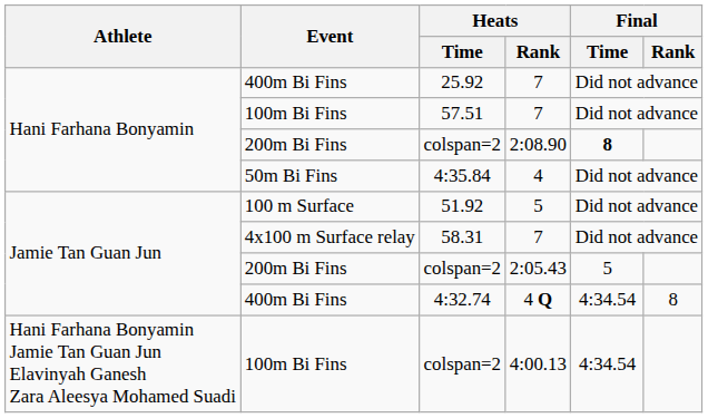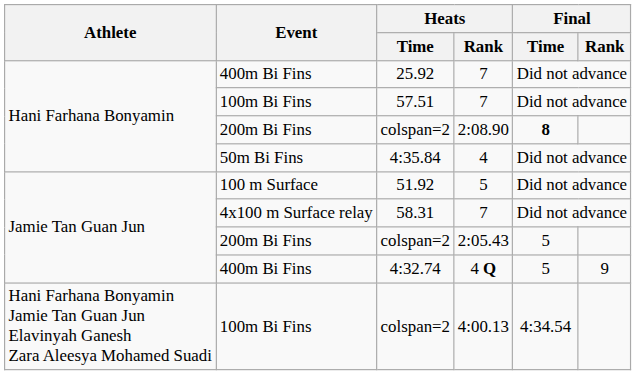 <table class="wikitable" style="font-size:90%">
 <tr>
 <th rowspan="2">Athlete</th>
 <th rowspan="2">Event</th>
 <th colspan="2">Heats</th>
 <th colspan="2">Final</th>
 </tr>
 <tr>
 <th>Time</th>
 <th>Rank</th>
 <th>Time</th>
 <th>Rank</th>
 </tr>
 <tr align="center">
 <td align="left" rowspan=4>Hani Farhana Bonyamin</td>
 <td align="left">400m Bi Fins</td>
 <td>25.92</td>
 <td>7</td>
 <td colspan=2>Did not advance</td>
 </tr>
 <tr align="center">
 <td align="left">100m Bi Fins</td>
 <td>57.51</td>
 <td>7</td>
 <td colspan=2>Did not advance</td>
 </tr>
 <tr align="center">
 <td align="left">200m Bi Fins</td>
 <td>colspan=2 </td>
 <td>2:08.90</td>
 <td><strong>8</strong></td>
 </tr>
 <tr align="center">
 <td align="left">50m Bi Fins</td>
 <td>4:35.84</td>
 <td>4</td>
 <td colspan=2>Did not advance</td>
 </tr>
 <tr align="center">
 <td align="left" rowspan=4>Jamie Tan Guan Jun</td>
 <td align="left">100 m Surface</td>
 <td>51.92</td>
 <td>5</td>
 <td colspan=2>Did not advance</td>
 </tr>
 <tr align="center">
 <td align="left">4x100 m Surface relay</td>
 <td>58.31</td>
 <td>7</td>
 <td colspan=2>Did not advance</td>
 </tr>
 <tr align="center">
 <td align="left">200m Bi Fins</td>
 <td>colspan=2 </td>
 <td>2:05.43</td>
 <td>5</td>
 </tr>
 <tr align="center">
 <td align="left">400m Bi Fins</td>
 <td>4:32.74</td>
 <td>4 <strong>Q</strong></td>
-<td>4:34.54</td>
-<td>8</td>
+<td>5</td>
+<td>9</td>
 </tr>
 <tr align="center">
 <td align="left">Hani Farhana Bonyamin<br>Jamie Tan Guan Jun<br>Elavinyah Ganesh<br>Zara Aleesya Mohamed Suadi</td>
 <td align="left">100m Bi Fins</td>
 <td>colspan=2 </td>
 <td>4:00.13</td>
 <td>4:34.54</td>
 </tr>
 </table>
